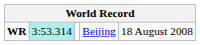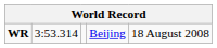 <table class="wikitable">
 <tr>
 <th colspan=5>World Record</th>
 </tr>
 <tr>
 <td><strong>WR</strong></td>
-<td style="background: paleturquoise;">3:53.314</td>
+<td>3:53.314</td>
 <td></td>
 <td> <a href='#'>Beijing</a></td>
 <td>18 August 2008</td>
 </tr>
 </table>
